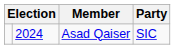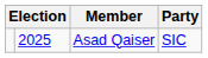 <table class="wikitable">
 <tr>
 <th colspan="2">Election</th>
 <th>Member</th>
 <th>Party</th>
 </tr>
 <tr>
 <td style="background-color: "></td>
-<td><a href='#'>2024</a></td>
+<td><a href='#'>2025</a></td>
 <td><a href='#'>Asad Qaiser</a></td>
 <td><a href='#'>SIC</a></td>
 </tr>
 </table>
